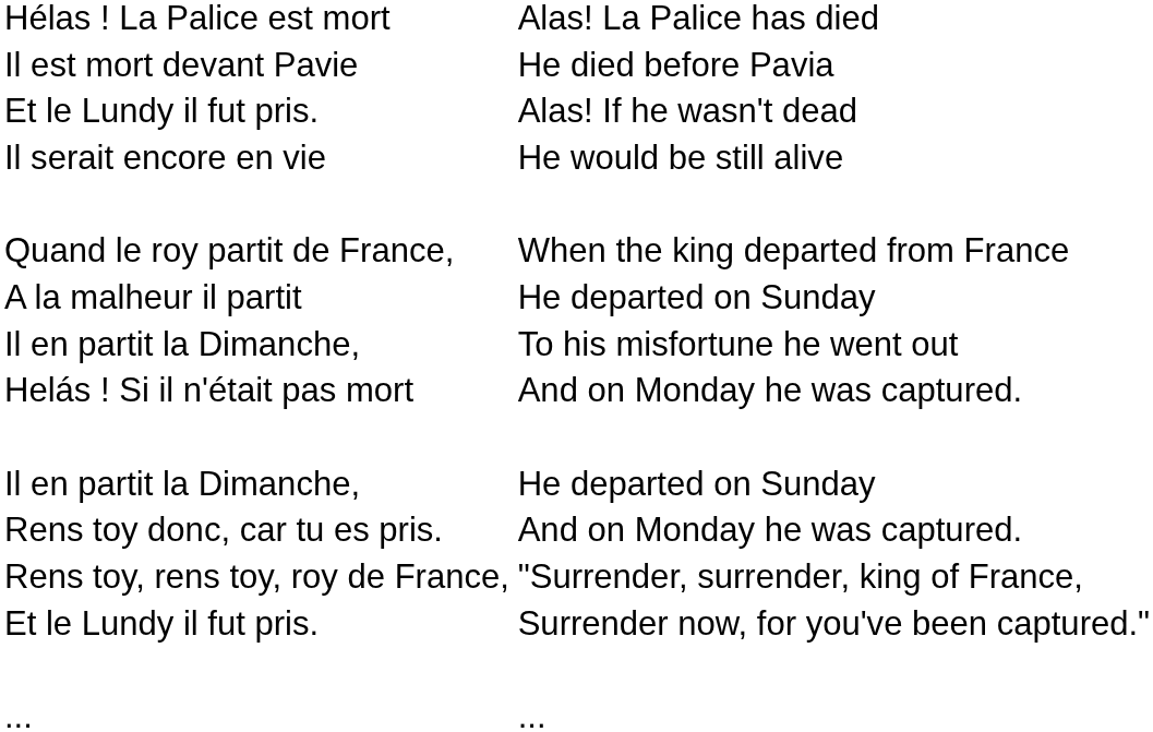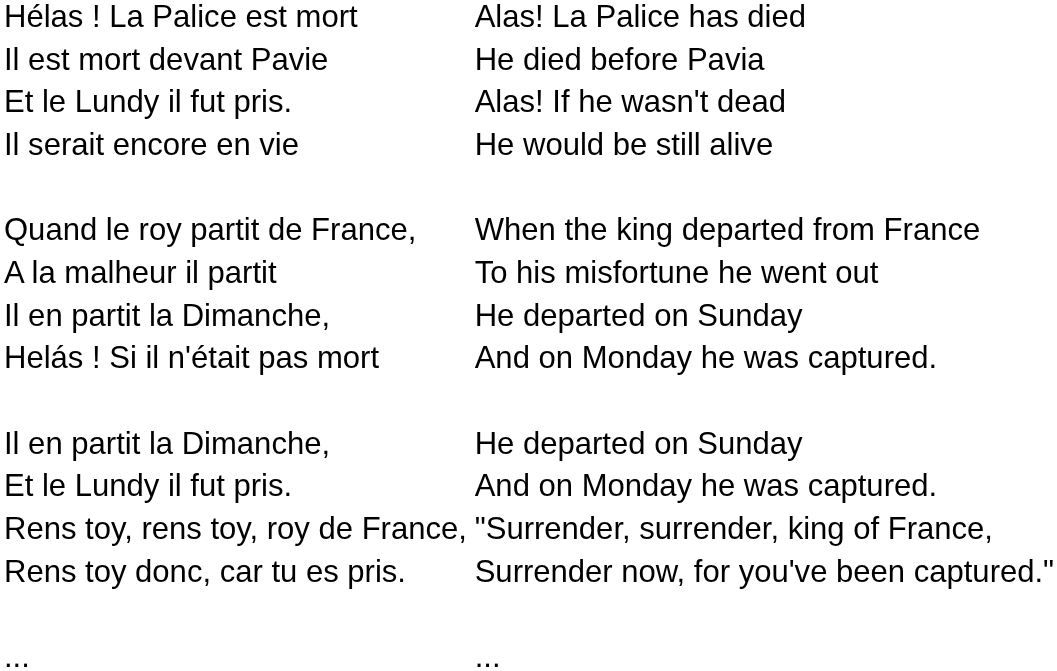 <table style="margin:1em auto;">
 <tr>
 <td>Hélas ! La Palice est mort</td>
 <td>Alas! La Palice has died</td>
 </tr>
 <tr>
 <td>Il est mort devant Pavie</td>
 <td>He died before Pavia</td>
 </tr>
 <tr>
 <td>Et le Lundy il fut pris.</td>
 <td>Alas! If he wasn't dead</td>
 </tr>
 <tr>
 <td>Il serait encore en vie</td>
 <td>He would be still alive</td>
 </tr>
 <tr>
 <td> </td>
 </tr>
 <tr>
 <td>Quand le roy partit de France,</td>
 <td>When the king departed from France</td>
 </tr>
 <tr>
 <td>A la malheur il partit</td>
-<td>He departed on Sunday</td>
+<td>To his misfortune he went out</td>
 </tr>
 <tr>
 <td>Il en partit la Dimanche,</td>
-<td>To his misfortune he went out</td>
+<td>He departed on Sunday</td>
 </tr>
 <tr>
 <td>Helás ! Si il n'était pas mort</td>
 <td>And on Monday he was captured.</td>
 </tr>
 <tr>
 <td> </td>
 </tr>
 <tr>
 <td>Il en partit la Dimanche,</td>
 <td>He departed on Sunday</td>
 </tr>
 <tr>
-<td>Rens toy donc, car tu es pris.</td>
+<td>Et le Lundy il fut pris.</td>
 <td>And on Monday he was captured.</td>
 </tr>
 <tr>
 <td>Rens toy, rens toy, roy de France,</td>
 <td>"Surrender, surrender, king of France,</td>
 </tr>
 <tr>
-<td>Et le Lundy il fut pris.</td>
+<td>Rens toy donc, car tu es pris.</td>
 <td>Surrender now, for you've been captured."</td>
 </tr>
 <tr>
 <td> </td>
 </tr>
 <tr>
 <td>...</td>
 <td>...</td>
 </tr>
 </table>
